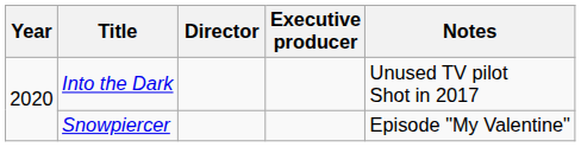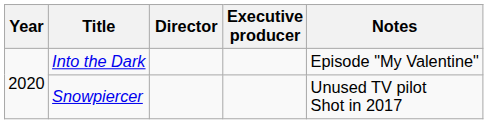 <table class="wikitable">
 <tr>
 <th>Year</th>
 <th>Title</th>
 <th width=65>Director</th>
 <th width=65>Executive<br>producer</th>
 <th>Notes</th>
 </tr>
 <tr>
 <td rowspan=2>2020</td>
 <td><em><a href='#'>Into the Dark</a></em></td>
 <td></td>
 <td></td>
-<td>Unused TV pilot<br>Shot in 2017</td>
+<td>Episode "My Valentine"</td>
 </tr>
 <tr>
 <td><em><a href='#'>Snowpiercer</a></em></td>
 <td></td>
 <td></td>
-<td>Episode "My Valentine"</td>
+<td>Unused TV pilot<br>Shot in 2017</td>
 </tr>
 </table>
